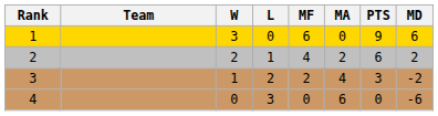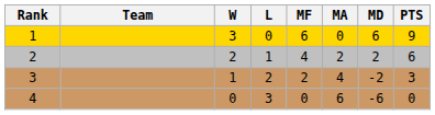 <table class="wikitable" style="text-align:center">
 <tr>
 <th width=50>Rank</th>
 <th width=150>Team</th>
 <th width=30>W</th>
 <th width=30>L</th>
 <th width=30>MF</th>
 <th width=30>MA</th>
+<th width=30>MD</th>
 <th width=30>PTS</th>
-<th width=30>MD</th>
 </tr>
 <tr bgcolor=gold>
 <td>1</td>
 <td style="text-align:left;"></td>
 <td>3</td>
 <td>0</td>
 <td>6</td>
 <td>0</td>
+<td>6</td>
 <td>9</td>
-<td>6</td>
 </tr>
 <tr bgcolor=silver>
 <td>2</td>
 <td style="text-align:left;"></td>
 <td>2</td>
 <td>1</td>
 <td>4</td>
 <td>2</td>
+<td>2</td>
 <td>6</td>
-<td>2</td>
 </tr>
 <tr bgcolor=#cc9966>
 <td>3</td>
 <td style="text-align:left;"></td>
 <td>1</td>
 <td>2</td>
 <td>2</td>
 <td>4</td>
+<td>-2</td>
 <td>3</td>
-<td>-2</td>
 </tr>
 <tr bgcolor=#cc9966>
 <td>4</td>
 <td style="text-align:left;"></td>
 <td>0</td>
 <td>3</td>
 <td>0</td>
 <td>6</td>
+<td>-6</td>
 <td>0</td>
-<td>-6</td>
 </tr>
 </table>
